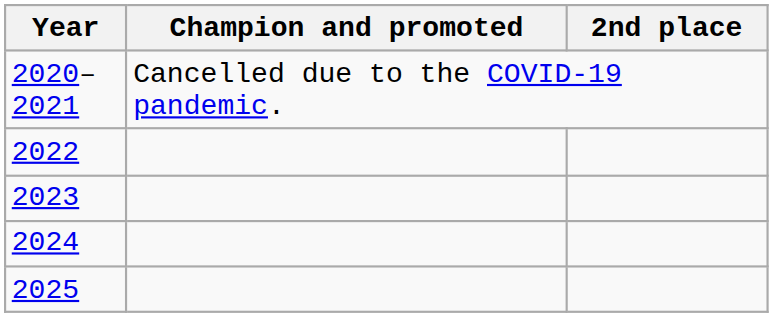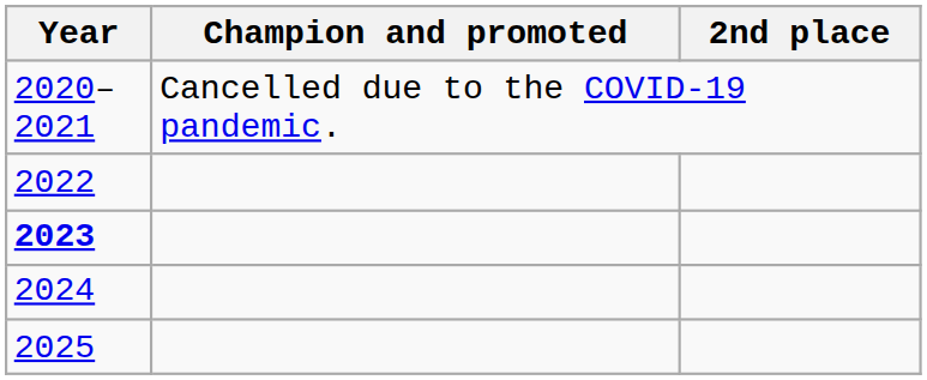 <table class="wikitable" width=40%>
 <tr>
 <th width=50>Year</th>
 <th>Champion and promoted</th>
 <th>2nd place</th>
 </tr>
 <tr>
 <td><a href='#'>2020</a>–<a href='#'>2021</a></td>
 <td colspan="2">Cancelled due to the <a href='#'>COVID-19 pandemic</a>.</td>
 </tr>
 <tr>
 <td><a href='#'>2022</a></td>
 <td></td>
 <td></td>
 </tr>
 <tr>
-<td><a href='#'>2023</a></td>
+<td><strong><a href='#'>2023</a></strong></td>
 <td></td>
 <td></td>
 </tr>
 <tr>
 <td><a href='#'>2024</a></td>
 <td></td>
 <td></td>
 </tr>
 <tr>
 <td><a href='#'>2025</a></td>
 <td></td>
 <td></td>
 </tr>
 </table>
